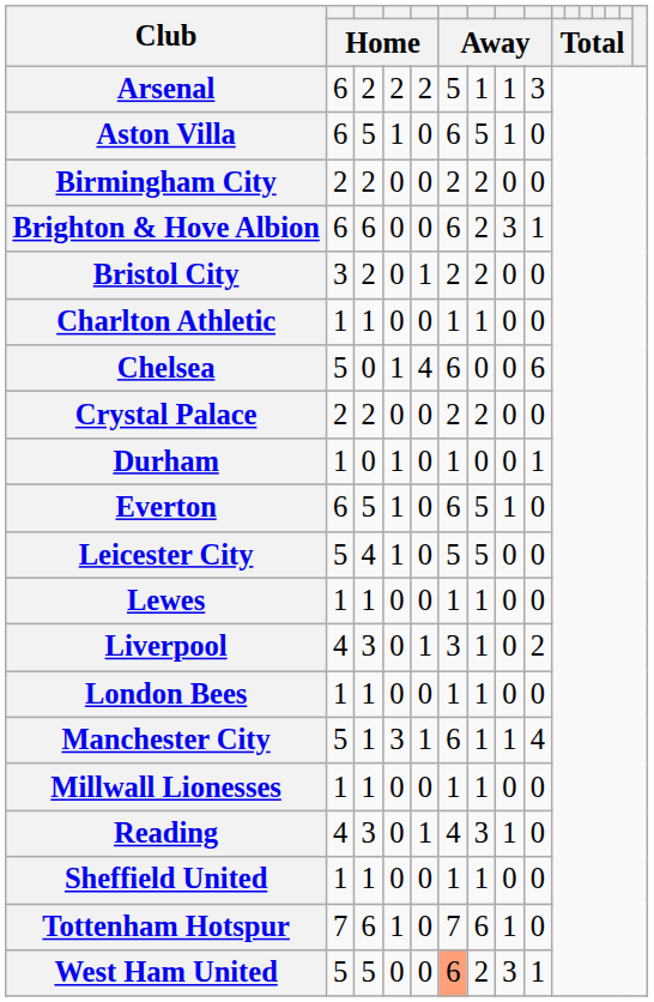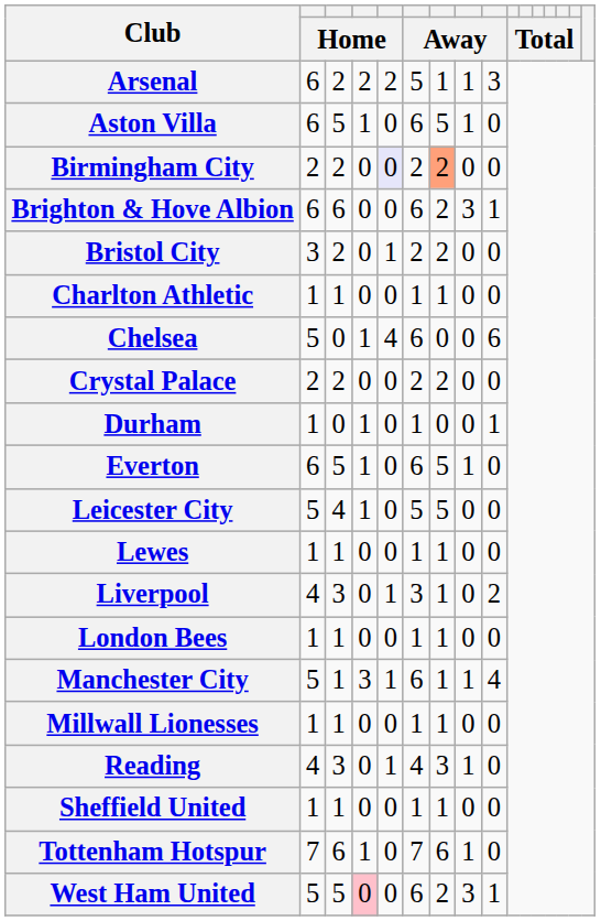 <table class="wikitable plainrowheaders sortable" style="text-align:center">
 <tr>
 <th scope="col" rowspan="2">Club</th>
 <th scope="col"></th>
 <th scope="col"></th>
 <th scope="col"></th>
 <th scope="col"></th>
 <th scope="col"></th>
 <th scope="col"></th>
 <th scope="col"></th>
 <th scope="col"></th>
 <th scope="col"></th>
 <th scope="col"></th>
 <th scope="col"></th>
 <th scope="col"></th>
 <th scope="col"></th>
 <th scope="col"></th>
 <th rowspan="2" scope="col"></th>
 </tr>
 <tr class="unsortable">
 <th colspan="4">Home</th>
 <th colspan="4">Away</th>
 <th colspan="6">Total</th>
 </tr>
 <tr>
 <th scope="row"><a href='#'>Arsenal</a></th>
 <td>6</td>
 <td>2</td>
 <td>2</td>
 <td>2</td>
 <td>5</td>
 <td>1</td>
 <td>1</td>
 <td>3<br></td>
 </tr>
 <tr>
 <th scope="row"><a href='#'>Aston Villa</a></th>
 <td>6</td>
 <td>5</td>
 <td>1</td>
 <td>0</td>
 <td>6</td>
 <td>5</td>
 <td>1</td>
 <td>0<br></td>
 </tr>
 <tr>
 <th scope="row"><a href='#'>Birmingham City</a></th>
 <td>2</td>
 <td>2</td>
 <td>0</td>
-<td>0</td>
+<td style="background: lavender;">0</td>
 <td>2</td>
-<td>2</td>
+<td style="background: lightsalmon;">2</td>
 <td>0</td>
 <td>0<br></td>
 </tr>
 <tr>
 <th scope="row"><a href='#'>Brighton & Hove Albion</a></th>
 <td>6</td>
 <td>6</td>
 <td>0</td>
 <td>0</td>
 <td>6</td>
 <td>2</td>
 <td>3</td>
 <td>1<br></td>
 </tr>
 <tr>
 <th scope="row"><a href='#'>Bristol City</a></th>
 <td>3</td>
 <td>2</td>
 <td>0</td>
 <td>1</td>
 <td>2</td>
 <td>2</td>
 <td>0</td>
 <td>0<br></td>
 </tr>
 <tr>
 <th scope="row"><a href='#'>Charlton Athletic</a></th>
 <td>1</td>
 <td>1</td>
 <td>0</td>
 <td>0</td>
 <td>1</td>
 <td>1</td>
 <td>0</td>
 <td>0<br></td>
 </tr>
 <tr>
 <th scope="row"><a href='#'>Chelsea</a></th>
 <td>5</td>
 <td>0</td>
 <td>1</td>
 <td>4</td>
 <td>6</td>
 <td>0</td>
 <td>0</td>
 <td>6<br></td>
 </tr>
 <tr>
 <th scope="row"><a href='#'>Crystal Palace</a></th>
 <td>2</td>
 <td>2</td>
 <td>0</td>
 <td>0</td>
 <td>2</td>
 <td>2</td>
 <td>0</td>
 <td>0<br></td>
 </tr>
 <tr>
 <th scope="row"><a href='#'>Durham</a></th>
 <td>1</td>
 <td>0</td>
 <td>1</td>
 <td>0</td>
 <td>1</td>
 <td>0</td>
 <td>0</td>
 <td>1<br></td>
 </tr>
 <tr>
 <th scope="row"><a href='#'>Everton</a></th>
 <td>6</td>
 <td>5</td>
 <td>1</td>
 <td>0</td>
 <td>6</td>
 <td>5</td>
 <td>1</td>
 <td>0<br></td>
 </tr>
 <tr>
 <th scope="row"><a href='#'>Leicester City</a></th>
 <td>5</td>
 <td>4</td>
 <td>1</td>
 <td>0</td>
 <td>5</td>
 <td>5</td>
 <td>0</td>
 <td>0<br></td>
 </tr>
 <tr>
 <th scope="row"><a href='#'>Lewes</a></th>
 <td>1</td>
 <td>1</td>
 <td>0</td>
 <td>0</td>
 <td>1</td>
 <td>1</td>
 <td>0</td>
 <td>0<br></td>
 </tr>
 <tr>
 <th scope="row"><a href='#'>Liverpool</a></th>
 <td>4</td>
 <td>3</td>
 <td>0</td>
 <td>1</td>
 <td>3</td>
 <td>1</td>
 <td>0</td>
 <td>2<br></td>
 </tr>
 <tr>
 <th scope="row"><a href='#'>London Bees</a></th>
 <td>1</td>
 <td>1</td>
 <td>0</td>
 <td>0</td>
 <td>1</td>
 <td>1</td>
 <td>0</td>
 <td>0<br></td>
 </tr>
 <tr>
 <th scope="row"><a href='#'>Manchester City</a></th>
 <td>5</td>
 <td>1</td>
 <td>3</td>
 <td>1</td>
 <td>6</td>
 <td>1</td>
 <td>1</td>
 <td>4<br></td>
 </tr>
 <tr>
 <th scope="row"><a href='#'>Millwall Lionesses</a></th>
 <td>1</td>
 <td>1</td>
 <td>0</td>
 <td>0</td>
 <td>1</td>
 <td>1</td>
 <td>0</td>
 <td>0<br></td>
 </tr>
 <tr>
 <th scope="row"><a href='#'>Reading</a></th>
 <td>4</td>
 <td>3</td>
 <td>0</td>
 <td>1</td>
 <td>4</td>
 <td>3</td>
 <td>1</td>
 <td>0<br></td>
 </tr>
 <tr>
 <th scope="row"><a href='#'>Sheffield United</a></th>
 <td>1</td>
 <td>1</td>
 <td>0</td>
 <td>0</td>
 <td>1</td>
 <td>1</td>
 <td>0</td>
 <td>0<br></td>
 </tr>
 <tr>
 <th scope="row"><a href='#'>Tottenham Hotspur</a></th>
 <td>7</td>
 <td>6</td>
 <td>1</td>
 <td>0</td>
 <td>7</td>
 <td>6</td>
 <td>1</td>
 <td>0<br></td>
 </tr>
 <tr>
 <th scope="row"><a href='#'>West Ham United</a></th>
 <td>5</td>
 <td>5</td>
+<td style="background: pink;">0</td>
 <td>0</td>
-<td>0</td>
-<td style="background: lightsalmon;">6</td>
+<td>6</td>
 <td>2</td>
 <td>3</td>
 <td>1<br></td>
 </tr>
 </table>
